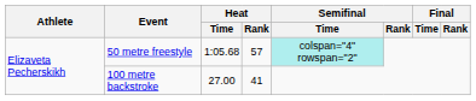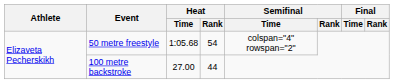 <table class="wikitable" style="text-align:center; font-size:90%; width:50%;">
 <tr>
 <th rowspan="2">Athlete</th>
 <th rowspan="2">Event</th>
 <th colspan="2">Heat</th>
 <th colspan="2">Semifinal</th>
 <th colspan="2">Final</th>
 </tr>
 <tr style="font-size:95%">
 <th>Time</th>
 <th>Rank</th>
 <th>Time</th>
 <th>Rank</th>
 <th>Time</th>
 <th>Rank</th>
 </tr>
 <tr>
 <td align=left rowspan=2><a href='#'>Elizaveta Pecherskikh</a></td>
 <td align=left><a href='#'>50 metre freestyle</a></td>
 <td>1:05.68</td>
-<td>57</td>
-<td style="background: paleturquoise;">colspan="4" rowspan="2" </td>
+<td>54</td>
+<td>colspan="4" rowspan="2" </td>
 </tr>
 <tr>
 <td align=left><a href='#'>100 metre backstroke</a></td>
 <td>27.00</td>
-<td>41</td>
+<td>44</td>
 </tr>
 </table>
